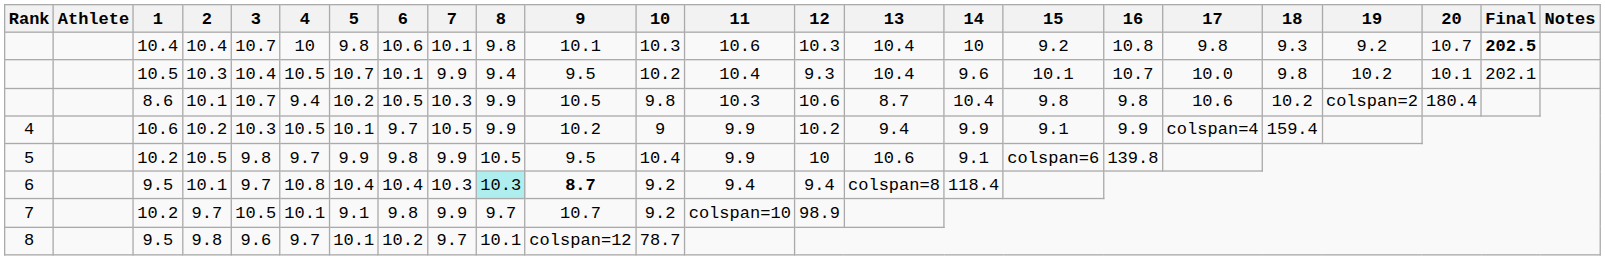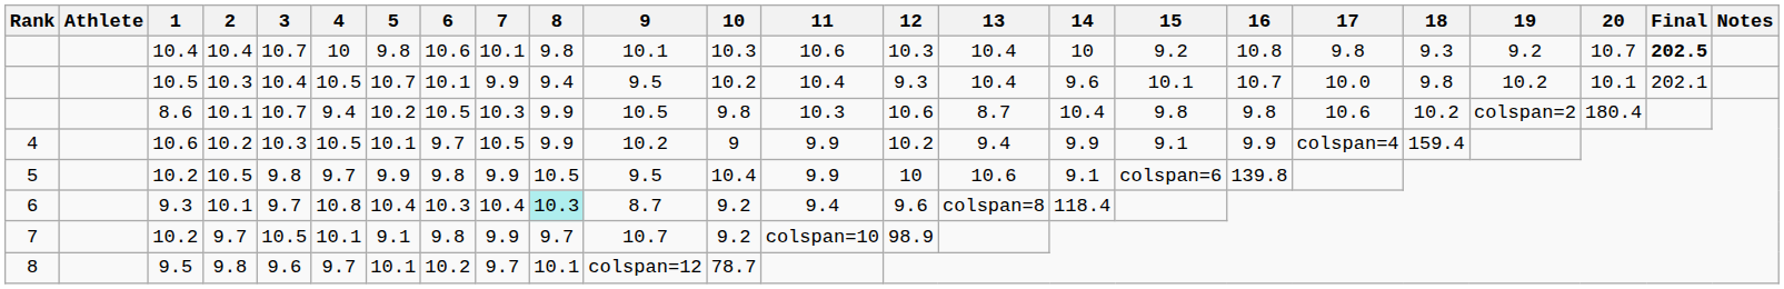 <table class="wikitable sortable">
 <tr>
 <th>Rank</th>
 <th>Athlete</th>
 <th>1</th>
 <th>2</th>
 <th>3</th>
 <th>4</th>
 <th>5</th>
 <th>6</th>
 <th>7</th>
 <th>8</th>
 <th>9</th>
 <th>10</th>
 <th>11</th>
 <th>12</th>
 <th>13</th>
 <th>14</th>
 <th>15</th>
 <th>16</th>
 <th>17</th>
 <th>18</th>
 <th>19</th>
 <th>20</th>
 <th>Final</th>
 <th class="unsortable">Notes</th>
 </tr>
 <tr>
 <td align="center"></td>
 <td></td>
 <td align="center">10.4</td>
 <td align="center">10.4</td>
 <td align="center">10.7</td>
 <td align="center">10</td>
 <td align="center">9.8</td>
 <td align="center">10.6</td>
 <td align="center">10.1</td>
 <td align="center">9.8</td>
 <td align="center">10.1</td>
 <td align="center">10.3</td>
 <td align="center">10.6</td>
 <td align="center">10.3</td>
 <td align="center">10.4</td>
 <td align="center">10</td>
 <td align="center">9.2</td>
 <td align="center">10.8</td>
 <td align="center">9.8</td>
 <td align="center">9.3</td>
 <td align="center">9.2</td>
 <td align="center">10.7</td>
 <td align="center"><strong>202.5</strong></td>
 <td align="center"></td>
 </tr>
 <tr>
 <td align="center"></td>
 <td></td>
 <td align="center">10.5</td>
 <td align="center">10.3</td>
 <td align="center">10.4</td>
 <td align="center">10.5</td>
 <td align="center">10.7</td>
 <td align="center">10.1</td>
 <td align="center">9.9</td>
 <td align="center">9.4</td>
 <td align="center">9.5</td>
 <td align="center">10.2</td>
 <td align="center">10.4</td>
 <td align="center">9.3</td>
 <td align="center">10.4</td>
 <td align="center">9.6</td>
 <td align="center">10.1</td>
 <td align="center">10.7</td>
 <td align="center">10.0</td>
 <td align="center">9.8</td>
 <td align="center">10.2</td>
 <td align="center">10.1</td>
 <td align="center">202.1</td>
 <td align="center"></td>
 </tr>
 <tr>
 <td align="center"></td>
 <td></td>
 <td align="center">8.6</td>
 <td align="center">10.1</td>
 <td align="center">10.7</td>
 <td align="center">9.4</td>
 <td align="center">10.2</td>
 <td align="center">10.5</td>
 <td align="center">10.3</td>
 <td align="center">9.9</td>
 <td align="center">10.5</td>
 <td align="center">9.8</td>
 <td align="center">10.3</td>
 <td align="center">10.6</td>
 <td align="center">8.7</td>
 <td align="center">10.4</td>
 <td align="center">9.8</td>
 <td align="center">9.8</td>
 <td align="center">10.6</td>
 <td align="center">10.2</td>
 <td>colspan=2 </td>
 <td align="center">180.4</td>
 <td align="center"></td>
 </tr>
 <tr>
 <td align="center">4</td>
 <td></td>
 <td align="center">10.6</td>
 <td align="center">10.2</td>
 <td align="center">10.3</td>
 <td align="center">10.5</td>
 <td align="center">10.1</td>
 <td align="center">9.7</td>
 <td align="center">10.5</td>
 <td align="center">9.9</td>
 <td align="center">10.2</td>
 <td align="center">9</td>
 <td align="center">9.9</td>
 <td align="center">10.2</td>
 <td align="center">9.4</td>
 <td align="center">9.9</td>
 <td align="center">9.1</td>
 <td align="center">9.9</td>
 <td>colspan=4 </td>
 <td align="center">159.4</td>
 <td align="center"></td>
 </tr>
 <tr>
 <td align="center">5</td>
 <td></td>
 <td align="center">10.2</td>
 <td align="center">10.5</td>
 <td align="center">9.8</td>
 <td align="center">9.7</td>
 <td align="center">9.9</td>
 <td align="center">9.8</td>
 <td align="center">9.9</td>
 <td align="center">10.5</td>
 <td align="center">9.5</td>
 <td align="center">10.4</td>
 <td align="center">9.9</td>
 <td align="center">10</td>
 <td align="center">10.6</td>
 <td align="center">9.1</td>
 <td>colspan=6 </td>
 <td align="center">139.8</td>
 <td align="center"></td>
 </tr>
 <tr>
 <td align="center">6</td>
 <td></td>
-<td align="center">9.5</td>
+<td align="center">9.3</td>
 <td align="center">10.1</td>
 <td align="center">9.7</td>
 <td align="center">10.8</td>
 <td align="center">10.4</td>
+<td align="center">10.3</td>
 <td align="center">10.4</td>
-<td align="center">10.3</td>
 <td align="center" style="background: paleturquoise;">10.3</td>
-<td align="center"><strong>8.7</strong></td>
+<td align="center">8.7</td>
 <td align="center">9.2</td>
 <td align="center">9.4</td>
-<td align="center">9.4</td>
+<td align="center">9.6</td>
 <td>colspan=8 </td>
 <td align="center">118.4</td>
 <td align="center"></td>
 </tr>
 <tr>
 <td align="center">7</td>
 <td></td>
 <td align="center">10.2</td>
 <td align="center">9.7</td>
 <td align="center">10.5</td>
 <td align="center">10.1</td>
 <td align="center">9.1</td>
 <td align="center">9.8</td>
 <td align="center">9.9</td>
 <td align="center">9.7</td>
 <td align="center">10.7</td>
 <td align="center">9.2</td>
 <td>colspan=10 </td>
 <td align="center">98.9</td>
 <td align="center"></td>
 </tr>
 <tr>
 <td align="center">8</td>
 <td></td>
 <td align="center">9.5</td>
 <td align="center">9.8</td>
 <td align="center">9.6</td>
 <td align="center">9.7</td>
 <td align="center">10.1</td>
 <td align="center">10.2</td>
 <td align="center">9.7</td>
 <td align="center">10.1</td>
 <td>colspan=12 </td>
 <td align="center">78.7</td>
 <td align="center"></td>
 </tr>
 </table>
